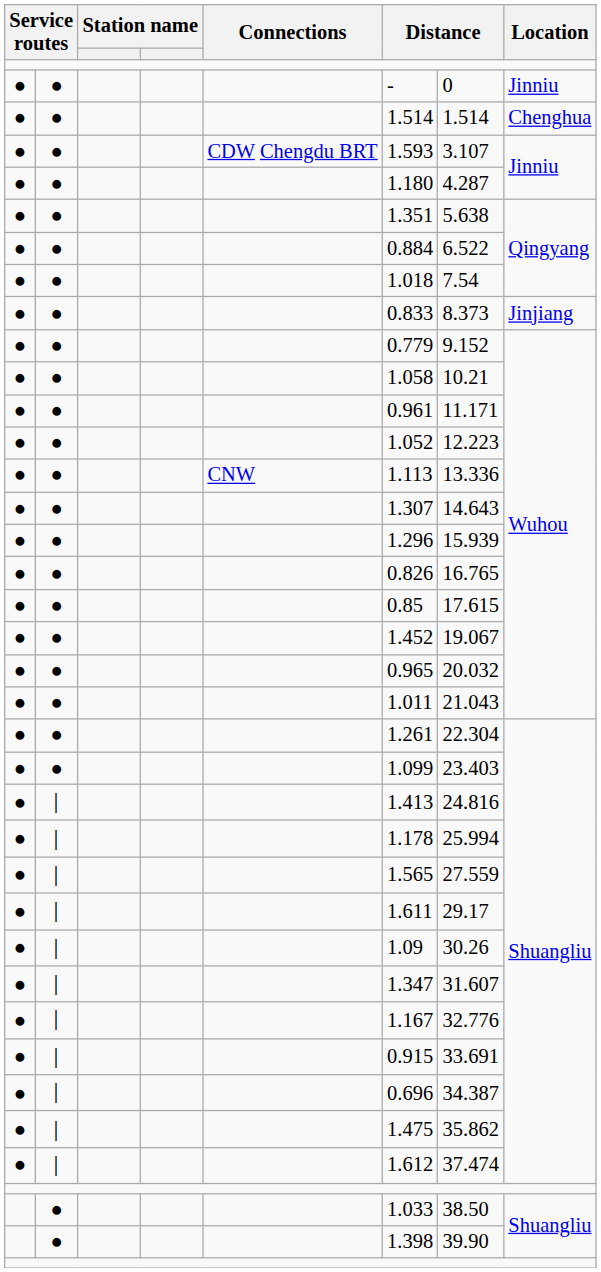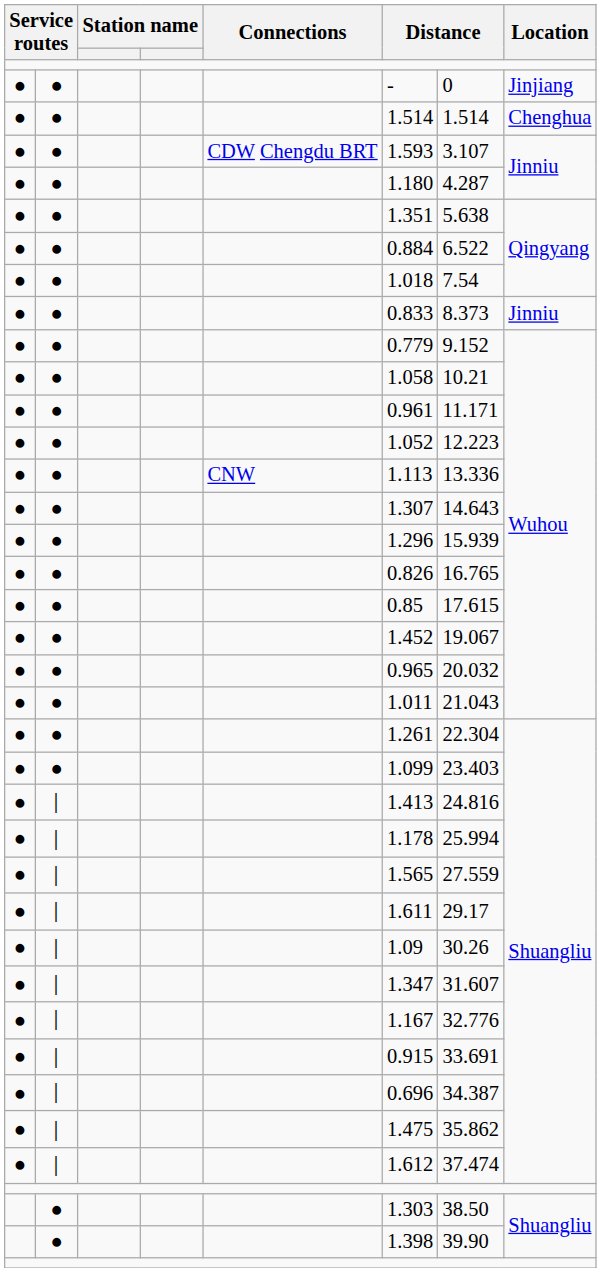 <table class="wikitable">
 <tr>
 <th rowspan="2" colspan="2">Service<br>routes</th>
 <th colspan="2">Station name</th>
 <th rowspan="2">Connections</th>
 <th colspan="2" rowspan="2">Distance<br></th>
 <th rowspan="2">Location</th>
 </tr>
 <tr>
 <th></th>
 <th></th>
 </tr>
 <tr style="background:#">
 <td colspan = "8"></td>
 </tr>
 <tr>
 <td align="center">●</td>
 <td align="center">●</td>
 <td></td>
 <td></td>
 <td></td>
 <td>-</td>
 <td>0</td>
-<td rowspan="1"><a href='#'>Jinniu</a></td>
+<td rowspan="1"><a href='#'>Jinjiang</a></td>
 </tr>
 <tr>
 <td align="center">●</td>
 <td align="center">●</td>
 <td></td>
 <td></td>
 <td></td>
 <td>1.514</td>
 <td>1.514</td>
 <td rowspan="1"><a href='#'>Chenghua</a></td>
 </tr>
 <tr>
 <td align="center">●</td>
 <td align="center">●</td>
 <td></td>
 <td></td>
 <td>   <a href='#'>CDW</a>  <a href='#'>Chengdu BRT</a></td>
 <td>1.593</td>
 <td>3.107</td>
 <td rowspan="2"><a href='#'>Jinniu</a></td>
 </tr>
 <tr>
 <td align="center">●</td>
 <td align="center">●</td>
 <td></td>
 <td></td>
 <td></td>
 <td>1.180</td>
 <td>4.287</td>
 </tr>
 <tr>
 <td align="center">●</td>
 <td align="center">●</td>
 <td></td>
 <td></td>
 <td></td>
 <td>1.351</td>
 <td>5.638</td>
 <td rowspan="3"><a href='#'>Qingyang</a></td>
 </tr>
 <tr>
 <td align="center">●</td>
 <td align="center">●</td>
 <td></td>
 <td></td>
 <td></td>
 <td>0.884</td>
 <td>6.522</td>
 </tr>
 <tr>
 <td align="center">●</td>
 <td align="center">●</td>
 <td></td>
 <td></td>
 <td></td>
 <td>1.018</td>
 <td>7.54</td>
 </tr>
 <tr>
 <td align="center">●</td>
 <td align="center">●</td>
 <td></td>
 <td></td>
 <td></td>
 <td>0.833</td>
 <td>8.373</td>
-<td rowspan="1"><a href='#'>Jinjiang</a></td>
+<td rowspan="1"><a href='#'>Jinniu</a></td>
 </tr>
 <tr>
 <td align="center">●</td>
 <td align="center">●</td>
 <td></td>
 <td></td>
 <td></td>
 <td>0.779</td>
 <td>9.152</td>
 <td rowspan="12"><a href='#'>Wuhou</a></td>
 </tr>
 <tr>
 <td align="center">●</td>
 <td align="center">●</td>
 <td></td>
 <td></td>
 <td></td>
 <td>1.058</td>
 <td>10.21</td>
 </tr>
 <tr>
 <td align="center">●</td>
 <td align="center">●</td>
 <td></td>
 <td></td>
 <td></td>
 <td>0.961</td>
 <td>11.171</td>
 </tr>
 <tr>
 <td align="center">●</td>
 <td align="center">●</td>
 <td></td>
 <td></td>
 <td></td>
 <td>1.052</td>
 <td>12.223</td>
 </tr>
 <tr>
 <td align="center">●</td>
 <td align="center">●</td>
 <td></td>
 <td></td>
 <td>   <a href='#'>CNW</a></td>
 <td>1.113</td>
 <td>13.336</td>
 </tr>
 <tr>
 <td align="center">●</td>
 <td align="center">●</td>
 <td></td>
 <td></td>
 <td></td>
 <td>1.307</td>
 <td>14.643</td>
 </tr>
 <tr>
 <td align="center">●</td>
 <td align="center">●</td>
 <td></td>
 <td></td>
 <td></td>
 <td>1.296</td>
 <td>15.939</td>
 </tr>
 <tr>
 <td align="center">●</td>
 <td align="center">●</td>
 <td></td>
 <td></td>
 <td> </td>
 <td>0.826</td>
 <td>16.765</td>
 </tr>
 <tr>
 <td align="center">●</td>
 <td align="center">●</td>
 <td></td>
 <td></td>
 <td></td>
 <td>0.85</td>
 <td>17.615</td>
 </tr>
 <tr>
 <td align="center">●</td>
 <td align="center">●</td>
 <td></td>
 <td></td>
 <td></td>
 <td>1.452</td>
 <td>19.067</td>
 </tr>
 <tr>
 <td align="center">●</td>
 <td align="center">●</td>
 <td></td>
 <td></td>
 <td></td>
 <td>0.965</td>
 <td>20.032</td>
 </tr>
 <tr>
 <td align="center">●</td>
 <td align="center">●</td>
 <td></td>
 <td></td>
 <td></td>
 <td>1.011</td>
 <td>21.043</td>
 </tr>
 <tr>
 <td align="center">●</td>
 <td align="center">●</td>
 <td></td>
 <td></td>
 <td></td>
 <td>1.261</td>
 <td>22.304</td>
 <td rowspan="13"><a href='#'>Shuangliu</a></td>
 </tr>
 <tr>
 <td align="center">●</td>
 <td align="center">●</td>
 <td></td>
 <td></td>
 <td></td>
 <td>1.099</td>
 <td>23.403</td>
 </tr>
 <tr>
 <td align="center">●</td>
 <td align="center">｜</td>
 <td></td>
 <td></td>
 <td></td>
 <td>1.413</td>
 <td>24.816</td>
 </tr>
 <tr>
 <td align="center">●</td>
 <td align="center">｜</td>
 <td></td>
 <td></td>
 <td></td>
 <td>1.178</td>
 <td>25.994</td>
 </tr>
 <tr>
 <td align="center">●</td>
 <td align="center">｜</td>
 <td></td>
 <td></td>
 <td></td>
 <td>1.565</td>
 <td>27.559</td>
 </tr>
 <tr>
 <td align="center">●</td>
 <td align="center">｜</td>
 <td></td>
 <td></td>
 <td></td>
 <td>1.611</td>
 <td>29.17</td>
 </tr>
 <tr>
 <td align="center">●</td>
 <td align="center">｜</td>
 <td></td>
 <td></td>
 <td></td>
 <td>1.09</td>
 <td>30.26</td>
 </tr>
 <tr>
 <td align="center">●</td>
 <td align="center">｜</td>
 <td></td>
 <td></td>
 <td></td>
 <td>1.347</td>
 <td>31.607</td>
 </tr>
 <tr>
 <td align="center">●</td>
 <td align="center">｜</td>
 <td></td>
 <td></td>
 <td></td>
 <td>1.167</td>
 <td>32.776</td>
 </tr>
 <tr>
 <td align="center">●</td>
 <td align="center">｜</td>
 <td></td>
 <td></td>
 <td> </td>
 <td>0.915</td>
 <td>33.691</td>
 </tr>
 <tr>
 <td align="center">●</td>
 <td align="center">｜</td>
 <td></td>
 <td></td>
 <td></td>
 <td>0.696</td>
 <td>34.387</td>
 </tr>
 <tr>
 <td align="center">●</td>
 <td align="center">｜</td>
 <td></td>
 <td></td>
 <td></td>
 <td>1.475</td>
 <td>35.862</td>
 </tr>
 <tr>
 <td align="center">●</td>
 <td align="center">｜</td>
 <td></td>
 <td></td>
 <td></td>
 <td>1.612</td>
 <td>37.474</td>
 </tr>
 <tr style="background:#">
 <td colspan = "8"></td>
 </tr>
 <tr>
 <td align="center"></td>
 <td align="center">●</td>
 <td></td>
 <td></td>
 <td></td>
-<td>1.033</td>
+<td>1.303</td>
 <td>38.50</td>
 <td rowspan="2"><a href='#'>Shuangliu</a></td>
 </tr>
 <tr>
 <td align="center"></td>
 <td align="center">●</td>
 <td></td>
 <td></td>
 <td></td>
 <td>1.398</td>
 <td>39.90</td>
 </tr>
 <tr style="background:#">
 <td colspan = "8"></td>
 </tr>
 </table>
